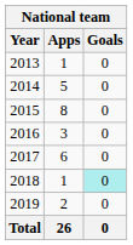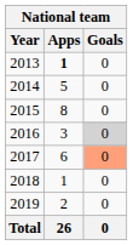 <table class="wikitable" style="text-align:center">
 <tr>
 <th colspan=3>National team</th>
 </tr>
 <tr>
 <th>Year</th>
 <th>Apps</th>
 <th>Goals</th>
 </tr>
 <tr>
 <td>2013</td>
-<td>1</td>
+<td><strong>1</strong></td>
 <td>0</td>
 </tr>
 <tr>
 <td>2014</td>
 <td>5</td>
 <td>0</td>
 </tr>
 <tr>
 <td>2015</td>
 <td>8</td>
 <td>0</td>
 </tr>
 <tr>
 <td>2016</td>
 <td>3</td>
-<td>0</td>
+<td style="background: lightgrey;">0</td>
 </tr>
 <tr>
 <td>2017</td>
 <td>6</td>
-<td>0</td>
+<td style="background: lightsalmon;">0</td>
 </tr>
 <tr>
 <td>2018</td>
 <td>1</td>
-<td style="background: paleturquoise;">0</td>
+<td>0</td>
 </tr>
 <tr>
 <td>2019</td>
 <td>2</td>
 <td>0</td>
 </tr>
 <tr>
 <th>Total</th>
 <th>26</th>
 <th>0</th>
 </tr>
 </table>
